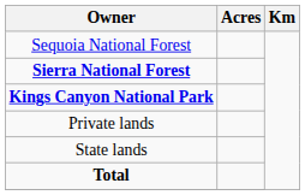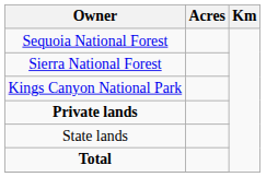 <table class="wikitable sortable" style="text-align:center;">
 <tr>
 <th>Owner</th>
 <th>Acres</th>
 <th>Km</th>
 </tr>
 <tr>
 <td><a href='#'>Sequoia National Forest</a></td>
 <td></td>
 </tr>
 <tr>
-<td><strong><a href='#'>Sierra National Forest</a></strong></td>
+<td><a href='#'>Sierra National Forest</a></td>
 <td></td>
 </tr>
 <tr>
-<td><strong><a href='#'>Kings Canyon National Park</a></strong></td>
+<td><a href='#'>Kings Canyon National Park</a></td>
 <td></td>
 </tr>
 <tr>
-<td>Private lands</td>
+<td><strong>Private lands</strong></td>
 <td></td>
 </tr>
 <tr>
 <td>State lands</td>
 <td></td>
 </tr>
 <tr>
 <td><strong>Total</strong></td>
 <td></td>
 </tr>
 <tr>
 </tr>
 </table>
